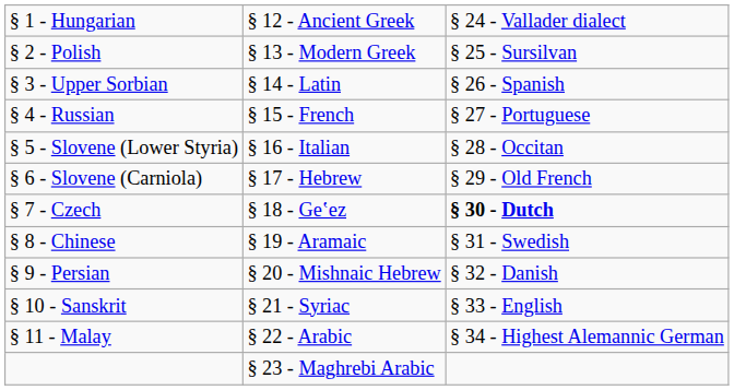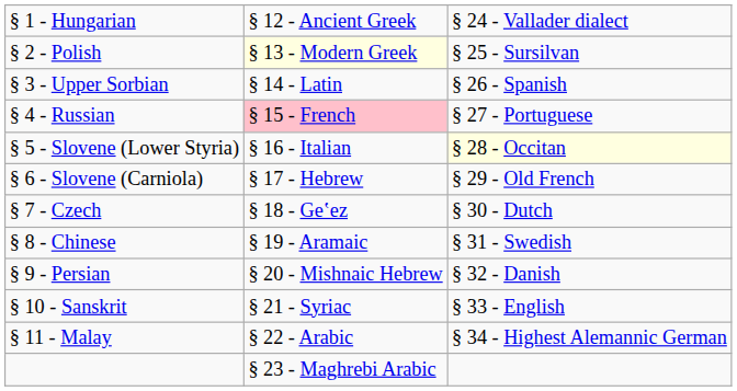 <table class="wikitable">
 <tr>
 <td>§ 1 - <a href='#'>Hungarian</a></td>
 <td>§ 12 - <a href='#'>Ancient Greek</a></td>
 <td>§ 24 - <a href='#'>Vallader dialect</a></td>
 </tr>
 <tr>
 <td>§ 2 - <a href='#'>Polish</a></td>
-<td>§ 13 - <a href='#'>Modern Greek</a></td>
+<td style="background: lightyellow;">§ 13 - <a href='#'>Modern Greek</a></td>
 <td>§ 25 - <a href='#'>Sursilvan</a></td>
 </tr>
 <tr>
 <td>§ 3 - <a href='#'>Upper Sorbian</a></td>
 <td>§ 14 - <a href='#'>Latin</a></td>
 <td>§ 26 - <a href='#'>Spanish</a></td>
 </tr>
 <tr>
 <td>§ 4 - <a href='#'>Russian</a></td>
-<td>§ 15 - <a href='#'>French</a></td>
+<td style="background: pink;">§ 15 - <a href='#'>French</a></td>
 <td>§ 27 - <a href='#'>Portuguese</a></td>
 </tr>
 <tr>
 <td>§ 5 - <a href='#'>Slovene</a> (Lower Styria)</td>
 <td>§ 16 - <a href='#'>Italian</a></td>
-<td>§ 28 - <a href='#'>Occitan</a></td>
+<td style="background: lightyellow;">§ 28 - <a href='#'>Occitan</a></td>
 </tr>
 <tr>
 <td>§ 6 - <a href='#'>Slovene</a> (Carniola)</td>
 <td>§ 17 - <a href='#'>Hebrew</a></td>
 <td>§ 29 - <a href='#'>Old French</a></td>
 </tr>
 <tr>
 <td>§ 7 - <a href='#'>Czech</a></td>
 <td>§ 18 - <a href='#'>Geʽez</a></td>
-<td><strong>§ 30 - <a href='#'>Dutch</a></strong></td>
+<td>§ 30 - <a href='#'>Dutch</a></td>
 </tr>
 <tr>
 <td>§ 8 - <a href='#'>Chinese</a></td>
 <td>§ 19 - <a href='#'>Aramaic</a></td>
 <td>§ 31 - <a href='#'>Swedish</a></td>
 </tr>
 <tr>
 <td>§ 9 - <a href='#'>Persian</a></td>
 <td>§ 20 - <a href='#'>Mishnaic Hebrew</a></td>
 <td>§ 32 - <a href='#'>Danish</a></td>
 </tr>
 <tr>
 <td>§ 10 - <a href='#'>Sanskrit</a></td>
 <td>§ 21 - <a href='#'>Syriac</a></td>
 <td>§ 33 - <a href='#'>English</a></td>
 </tr>
 <tr>
 <td>§ 11 - <a href='#'>Malay</a></td>
 <td>§ 22 - <a href='#'>Arabic</a></td>
 <td>§ 34 - <a href='#'>Highest Alemannic German</a></td>
 </tr>
 <tr>
 <td></td>
 <td>§ 23 - <a href='#'>Maghrebi Arabic</a></td>
 <td></td>
 </tr>
 </table>
